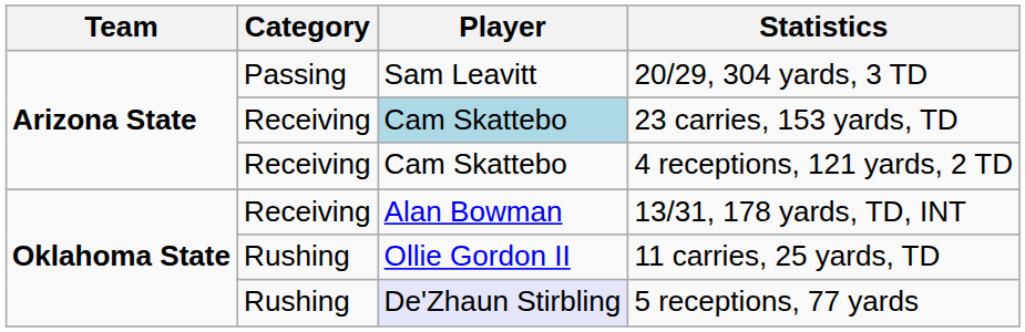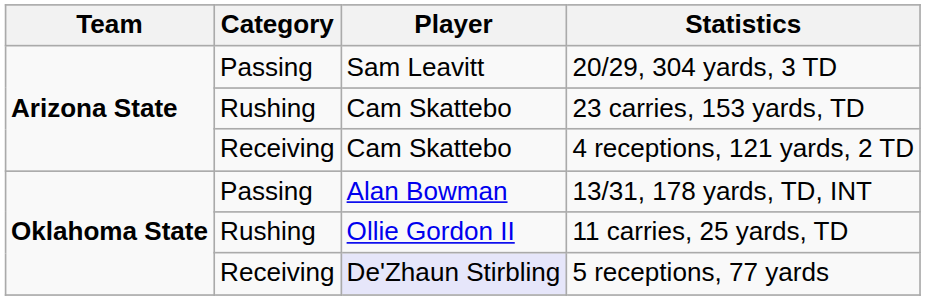 <table class="wikitable" style="float: right;">
 <tr>
 <th>Team</th>
 <th>Category</th>
 <th>Player</th>
 <th>Statistics</th>
 </tr>
 <tr>
 <td rowspan=3><strong>Arizona State</strong></td>
 <td>Passing</td>
 <td>Sam Leavitt</td>
 <td>20/29, 304 yards, 3 TD</td>
 </tr>
 <tr>
-<td>Receiving</td>
-<td style="background: lightblue;">Cam Skattebo</td>
+<td>Rushing</td>
+<td>Cam Skattebo</td>
 <td>23 carries, 153 yards, TD</td>
 </tr>
 <tr>
 <td>Receiving</td>
 <td>Cam Skattebo</td>
 <td>4 receptions, 121 yards, 2 TD</td>
 </tr>
 <tr>
 <td rowspan=3><strong>Oklahoma State</strong></td>
-<td>Receiving</td>
+<td>Passing</td>
 <td><a href='#'>Alan Bowman</a></td>
 <td>13/31, 178 yards, TD, INT</td>
 </tr>
 <tr>
 <td>Rushing</td>
 <td><a href='#'>Ollie Gordon II</a></td>
 <td>11 carries, 25 yards, TD</td>
 </tr>
 <tr>
-<td>Rushing</td>
+<td>Receiving</td>
 <td style="background: lavender;">De'Zhaun Stirbling</td>
 <td>5 receptions, 77 yards</td>
 </tr>
 </table>
